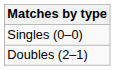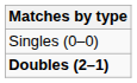 <table class=wikitable>
 <tr>
 <th>Matches by type</th>
 </tr>
 <tr>
 <td>Singles (0–0)</td>
 </tr>
 <tr>
-<td>Doubles (2–1)</td>
+<td><strong>Doubles (2–1)</strong></td>
 </tr>
 </table>
